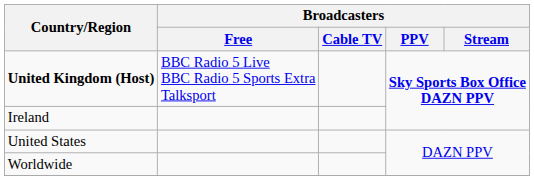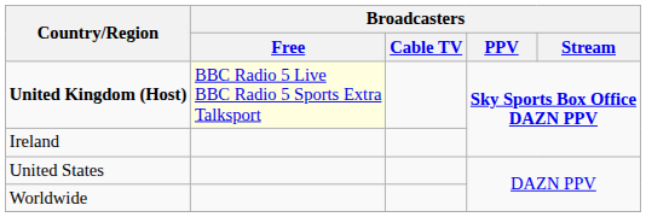 <table class="wikitable">
 <tr>
 <th rowspan="2">Country/Region</th>
 <th colspan="4">Broadcasters</th>
 </tr>
 <tr>
 <th><a href='#'>Free</a></th>
 <th><a href='#'>Cable TV</a></th>
 <th><a href='#'>PPV</a></th>
 <th><a href='#'>Stream</a></th>
 </tr>
 <tr>
 <td><strong>United Kingdom (Host)</strong></td>
-<td><a href='#'>BBC Radio 5 Live</a><br><a href='#'>BBC Radio 5 Sports Extra</a><br><a href='#'>Talksport</a></td>
+<td style="background: lightyellow;"><a href='#'>BBC Radio 5 Live</a><br><a href='#'>BBC Radio 5 Sports Extra</a><br><a href='#'>Talksport</a></td>
 <td></td>
 <td rowspan="2" colspan="2" align="center"><strong><a href='#'>Sky Sports Box Office</a></strong> <br> <strong><a href='#'>DAZN PPV</a></strong></td>
 </tr>
 <tr>
 <td>Ireland</td>
 <td></td>
 <td></td>
 </tr>
 <tr>
 <td>United States</td>
 <td></td>
 <td></td>
 <td rowspan="2" colspan="2" align="center"><a href='#'>DAZN PPV</a></td>
 </tr>
 <tr>
 <td>Worldwide</td>
 <td></td>
 <td></td>
 </tr>
 <tr>
 </tr>
 </table>
